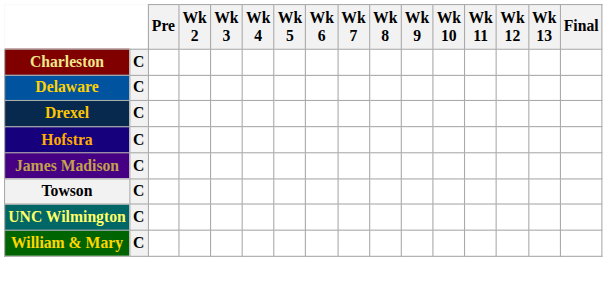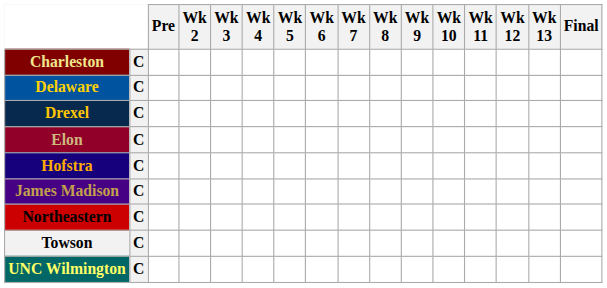 <table class="wikitable" style="white-space:nowrap;font-size:90%;">
 <tr>
 <th colspan=2 style="background:white; border-top-style:hidden; border-left-style:hidden;"> </th>
 <th>Pre</th>
 <th>Wk<br>2</th>
 <th>Wk<br>3</th>
 <th>Wk<br>4</th>
 <th>Wk<br>5</th>
 <th>Wk<br>6</th>
 <th>Wk<br>7</th>
 <th>Wk<br>8</th>
 <th>Wk<br>9</th>
 <th>Wk<br>10</th>
 <th>Wk<br>11</th>
 <th>Wk<br>12</th>
 <th>Wk<br>13</th>
 <th>Final</th>
 </tr>
 <tr style="text-align:center;">
 <th style="background:#800000; color:#F0E68C;">Charleston</th>
 <th>C</th>
 <td style="background:#FFF;"></td>
 <td style="background:#FFF;"></td>
 <td style="background:#FFF;"></td>
 <td style="background:#FFF;"></td>
 <td style="background:#FFF;"></td>
 <td style="background:#FFF;"></td>
 <td style="background:#FFF;"></td>
 <td style="background:#FFF;"></td>
 <td style="background:#FFF;"></td>
 <td style="background:#FFF;"></td>
 <td style="background:#FFF;"></td>
 <td style="background:#FFF;"></td>
 <td style="background:#FFF;"></td>
 <td style="background:#FFF;"></td>
 </tr>
 <tr style="text-align:center;">
 <th style="background:#00539f; color:#FFD200;">Delaware</th>
 <th>C</th>
 <td style="background:#FFF;"></td>
 <td style="background:#FFF;"></td>
 <td style="background:#FFF;"></td>
 <td style="background:#FFF;"></td>
 <td style="background:#FFF;"></td>
 <td style="background:#FFF;"></td>
 <td style="background:#FFF;"></td>
 <td style="background:#FFF;"></td>
 <td style="background:#FFF;"></td>
 <td style="background:#FFF;"></td>
 <td style="background:#FFF;"></td>
 <td style="background:#FFF;"></td>
 <td style="background:#FFF;"></td>
 <td style="background:#FFF;"></td>
 </tr>
 <tr style="text-align:center;">
 <th style="background:#07294D; color:#FFC600;">Drexel</th>
 <th>C</th>
 <td style="background:#FFF;"></td>
 <td style="background:#FFF;"></td>
 <td style="background:#FFF;"></td>
 <td style="background:#FFF;"></td>
 <td style="background:#FFF;"></td>
 <td style="background:#FFF;"></td>
 <td style="background:#FFF;"></td>
 <td style="background:#FFF;"></td>
 <td style="background:#FFF;"></td>
 <td style="background:#FFF;"></td>
 <td style="background:#FFF;"></td>
 <td style="background:#FFF;"></td>
 <td style="background:#FFF;"></td>
 <td style="background:#FFF;"></td>
 </tr>
 <tr style="text-align:center;">
+<th style="background:#910028; color:#CDB87D;">Elon</th>
+<th>C</th>
+<td style="background:#FFF;"></td>
+<td style="background:#FFF;"></td>
+<td style="background:#FFF;"></td>
+<td style="background:#FFF;"></td>
+<td style="background:#FFF;"></td>
+<td style="background:#FFF;"></td>
+<td style="background:#FFF;"></td>
+<td style="background:#FFF;"></td>
+<td style="background:#FFF;"></td>
+<td style="background:#FFF;"></td>
+<td style="background:#FFF;"></td>
+<td style="background:#FFF;"></td>
+<td style="background:#FFF;"></td>
+<td style="background:#FFF;"></td>
+</tr>
+<tr style="text-align:center;">
 <th style="background:#16007C; color:#FFAD00;">Hofstra</th>
 <th>C</th>
 <td style="background:#FFF;"></td>
 <td style="background:#FFF;"></td>
 <td style="background:#FFF;"></td>
 <td style="background:#FFF;"></td>
 <td style="background:#FFF;"></td>
 <td style="background:#FFF;"></td>
 <td style="background:#FFF;"></td>
 <td style="background:#FFF;"></td>
 <td style="background:#FFF;"></td>
 <td style="background:#FFF;"></td>
 <td style="background:#FFF;"></td>
 <td style="background:#FFF;"></td>
 <td style="background:#FFF;"></td>
 <td style="background:#FFF;"></td>
 </tr>
 <tr style="text-align:center;">
 <th style="background:#450084; color:#C2A14D;">James Madison</th>
+<th>C</th>
+<td style="background:#FFF;"></td>
+<td style="background:#FFF;"></td>
+<td style="background:#FFF;"></td>
+<td style="background:#FFF;"></td>
+<td style="background:#FFF;"></td>
+<td style="background:#FFF;"></td>
+<td style="background:#FFF;"></td>
+<td style="background:#FFF;"></td>
+<td style="background:#FFF;"></td>
+<td style="background:#FFF;"></td>
+<td style="background:#FFF;"></td>
+<td style="background:#FFF;"></td>
+<td style="background:#FFF;"></td>
+<td style="background:#FFF;"></td>
+</tr>
+<tr style="text-align:center;">
+<th style="background:#CC0000; color:#000000;">Northeastern</th>
 <th>C</th>
 <td style="background:#FFF;"></td>
 <td style="background:#FFF;"></td>
 <td style="background:#FFF;"></td>
 <td style="background:#FFF;"></td>
 <td style="background:#FFF;"></td>
 <td style="background:#FFF;"></td>
 <td style="background:#FFF;"></td>
 <td style="background:#FFF;"></td>
 <td style="background:#FFF;"></td>
 <td style="background:#FFF;"></td>
 <td style="background:#FFF;"></td>
 <td style="background:#FFF;"></td>
 <td style="background:#FFF;"></td>
 <td style="background:#FFF;"></td>
 </tr>
 <tr style="text-align:center;">
 <th style="background:#">Towson</th>
 <th>C</th>
 <td style="background:#FFF;"></td>
 <td style="background:#FFF;"></td>
 <td style="background:#FFF;"></td>
 <td style="background:#FFF;"></td>
 <td style="background:#FFF;"></td>
 <td style="background:#FFF;"></td>
 <td style="background:#FFF;"></td>
 <td style="background:#FFF;"></td>
 <td style="background:#FFF;"></td>
 <td style="background:#FFF;"></td>
 <td style="background:#FFF;"></td>
 <td style="background:#FFF;"></td>
 <td style="background:#FFF;"></td>
 <td style="background:#FFF;"></td>
 </tr>
 <tr style="text-align:center;">
 <th style="background:#006666; color:#FFFF66;">UNC Wilmington</th>
 <th>C</th>
 <td style="background:#FFF;"></td>
 <td style="background:#FFF;"></td>
 <td style="background:#FFF;"></td>
 <td style="background:#FFF;"></td>
 <td style="background:#FFF;"></td>
 <td style="background:#FFF;"></td>
 <td style="background:#FFF;"></td>
 <td style="background:#FFF;"></td>
 <td style="background:#FFF;"></td>
 <td style="background:#FFF;"></td>
 <td style="background:#FFF;"></td>
 <td style="background:#FFF;"></td>
 <td style="background:#FFF;"></td>
 <td style="background:#FFF;"></td>
 </tr>
-<tr style="text-align:center;">
-<th style="background:#006400; color:#FFD700;">William & Mary</th>
-<th>C</th>
-<td style="background:#FFF;"></td>
-<td style="background:#FFF;"></td>
-<td style="background:#FFF;"></td>
-<td style="background:#FFF;"></td>
-<td style="background:#FFF;"></td>
-<td style="background:#FFF;"></td>
-<td style="background:#FFF;"></td>
-<td style="background:#FFF;"></td>
-<td style="background:#FFF;"></td>
-<td style="background:#FFF;"></td>
-<td style="background:#FFF;"></td>
-<td style="background:#FFF;"></td>
-<td style="background:#FFF;"></td>
-<td style="background:#FFF;"></td>
-</tr>
 </table>
